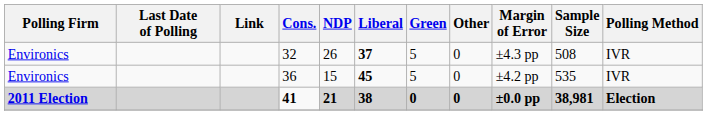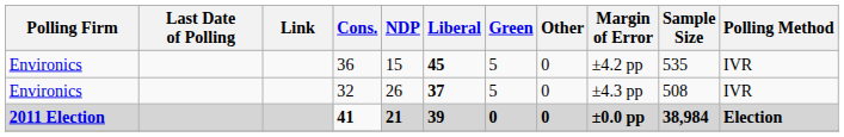 <table class="wikitable sortable">
 <tr style="background:#e9e9e9;">
 <th style="width:120px">Polling Firm</th>
 <th style="width:110px">Last Date<br>of Polling</th>
 <th style="width:60px" class="unsortable">Link</th>
 <th style="background-color:"><strong><a href='#'>Cons.</a></strong></th>
 <th style="background-color:"><strong><a href='#'>NDP</a></strong></th>
 <th style="background-color:"><strong><a href='#'>Liberal</a></strong></th>
 <th style="background-color:"><strong><a href='#'>Green</a></strong></th>
 <th style="background-color:"><strong>Other</strong></th>
 <th style="width:60px;" class=unsortable>Margin<br>of Error</th>
 <th style="width:50px;" class=unsortable>Sample<br>Size</th>
 <th class=unsortable>Polling Method</th>
 </tr>
 <tr>
 <td><a href='#'>Environics</a></td>
 <td></td>
 <td></td>
+<td>36</td>
+<td>15</td>
+<td><strong>45</strong></td>
+<td>5</td>
+<td>0</td>
+<td>±4.2 pp</td>
+<td>535</td>
+<td>IVR</td>
+</tr>
+<tr>
+<td><a href='#'>Environics</a></td>
+<td></td>
+<td></td>
 <td>32</td>
 <td>26</td>
 <td><strong>37</strong></td>
 <td>5</td>
 <td>0</td>
 <td>±4.3 pp</td>
 <td>508</td>
 <td>IVR</td>
 </tr>
 <tr>
-<td><a href='#'>Environics</a></td>
-<td></td>
-<td></td>
-<td>36</td>
-<td>15</td>
-<td><strong>45</strong></td>
-<td>5</td>
-<td>0</td>
-<td>±4.2 pp</td>
-<td>535</td>
-<td>IVR</td>
-</tr>
-<tr>
 <td style="background:#D5D5D5"><strong><a href='#'>2011 Election</a></strong></td>
 <td style="background:#D5D5D5"><strong></strong></td>
 <td style="background:#D5D5D5"></td>
 <td><strong>41</strong></td>
 <td style="background:#D5D5D5"><strong>21</strong></td>
-<td style="background:#D5D5D5"><strong>38</strong></td>
+<td style="background:#D5D5D5"><strong>39</strong></td>
 <td style="background:#D5D5D5"><strong>0</strong></td>
 <td style="background:#D5D5D5"><strong>0</strong></td>
 <td style="background:#D5D5D5"><strong>±0.0 pp</strong></td>
-<td style="background:#D5D5D5"><strong>38,981</strong></td>
+<td style="background:#D5D5D5"><strong>38,984</strong></td>
 <td style="background:#D5D5D5"><strong>Election</strong></td>
 </tr>
 <tr>
 </tr>
 <tr>
 </tr>
 </table>
